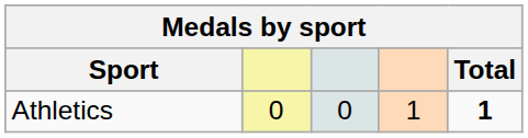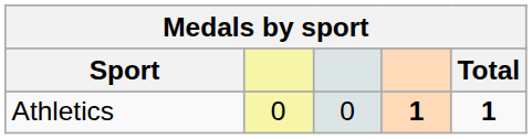 <table class="wikitable" style="font-size:90%; text-align:center;">
 <tr>
 <th colspan="5">Medals by sport</th>
 </tr>
 <tr>
 <th width="120">Sport</th>
 <th scope="col" width="30" style="background:#F7F6A8;"></th>
 <th scope="col" width="30" style="background:#DCE5E5;"></th>
 <th scope="col" width="30" style="background:#FFDAB9;"></th>
 <th width="30">Total</th>
 </tr>
 <tr>
 <td align="left">Athletics</td>
 <td style="background:#F7F6A8;">0</td>
 <td style="background:#DCE5E5;">0</td>
-<td style="background:#FFDAB9;">1</td>
+<td style="background:#FFDAB9;"><strong>1</strong></td>
 <td><strong>1</strong></td>
 </tr>
 </table>
